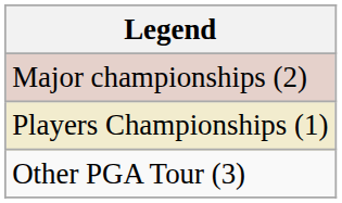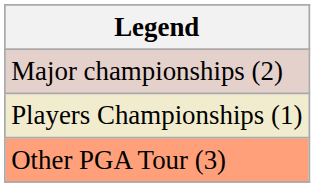 <table class="wikitable" style="font-size:95%;">
 <tr>
 <th>Legend</th>
 </tr>
 <tr style="background:#e5d1cb;">
 <td>Major championships (2)</td>
 </tr>
 <tr style="background:#f2ecce;">
 <td>Players Championships (1)</td>
 </tr>
 <tr>
-<td>Other PGA Tour (3)</td>
+<td style="background: lightsalmon;">Other PGA Tour (3)</td>
 </tr>
 </table>
